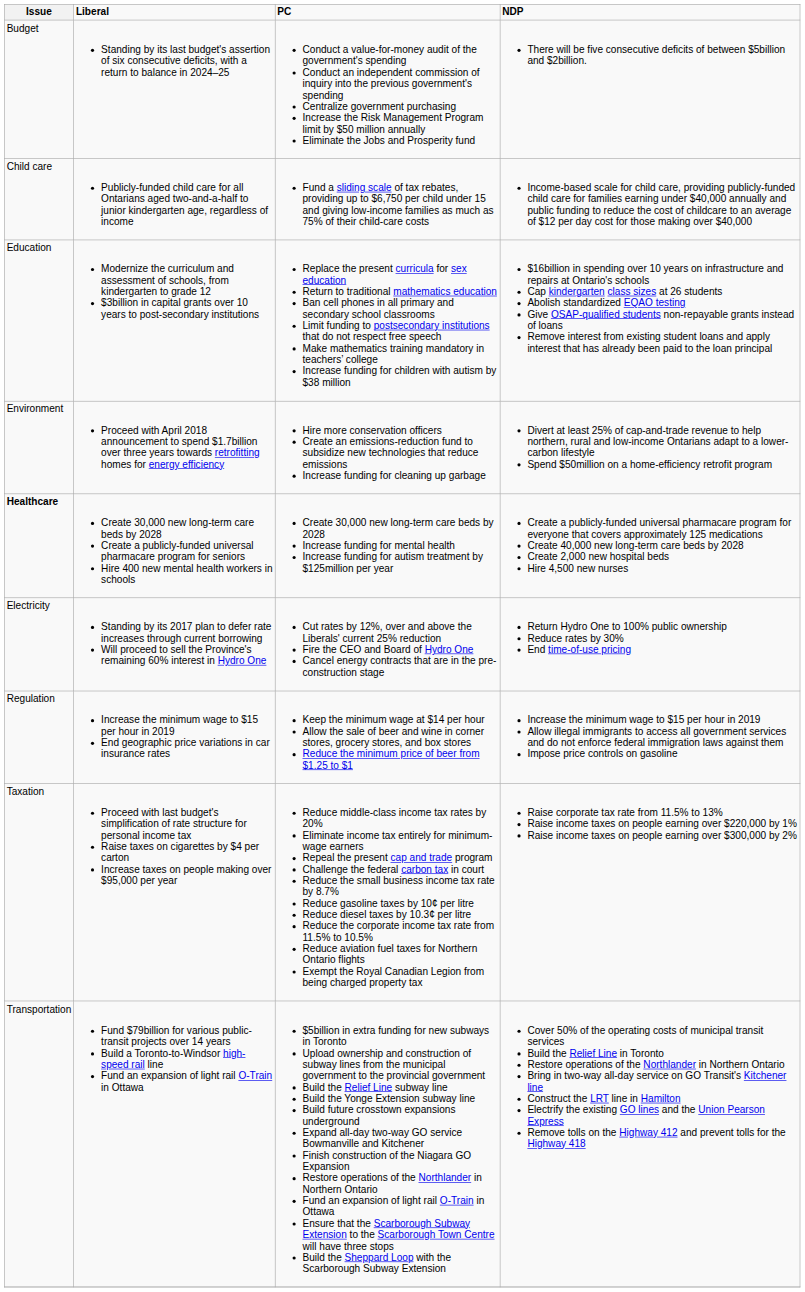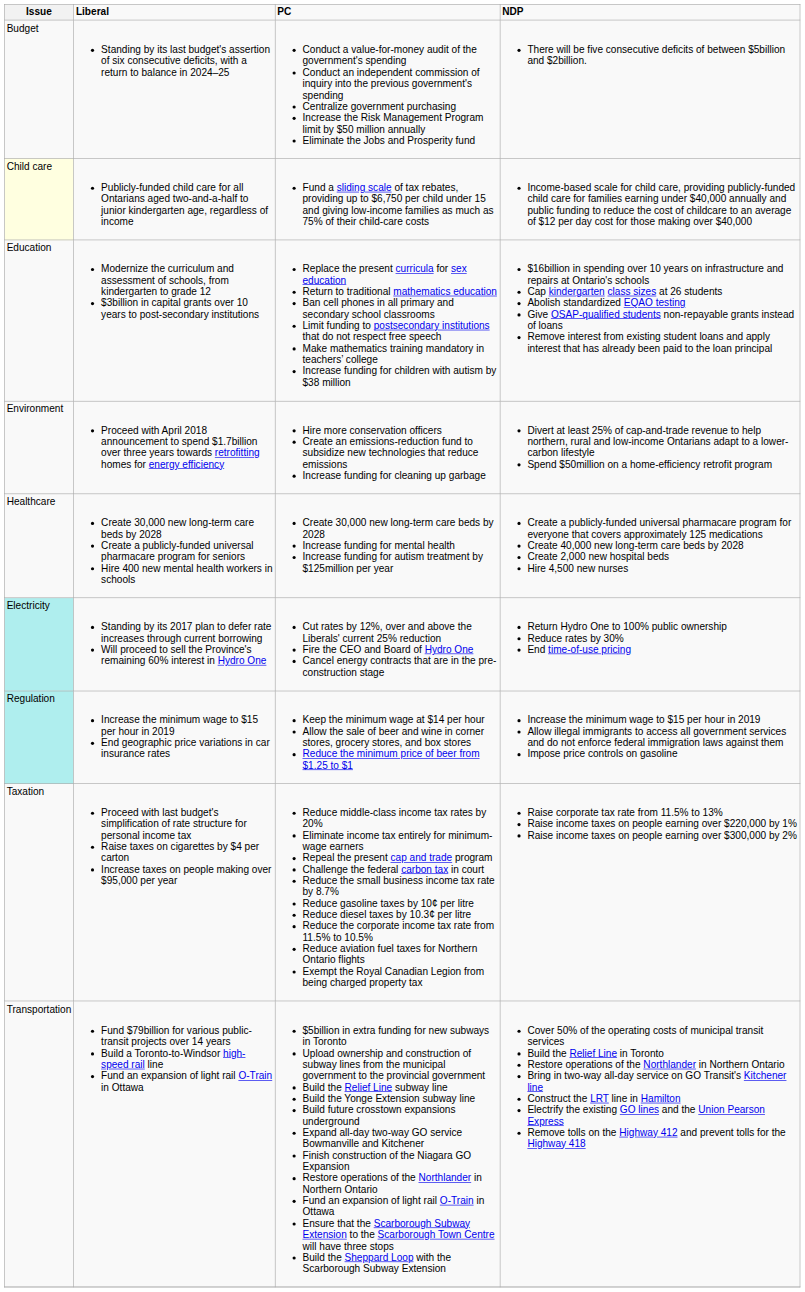 <table class="wikitable" style="width:100%;">
 <tr>
 <th>Issue</th>
 <td><strong>Liberal</strong></td>
 <td><strong>PC</strong></td>
 <td><strong>NDP</strong></td>
 </tr>
 <tr valign="top">
 <td>Budget</td>
 <td><br><ul><li>Standing by its last budget's assertion of six consecutive deficits, with a return to balance in 2024–25</li></ul></td>
 <td><br><ul><li>Conduct a value-for-money audit of the government's spending</li><li>Conduct an independent commission of inquiry into the previous government's spending</li><li>Centralize government purchasing</li><li>Increase the Risk Management Program limit by $50 million annually</li><li>Eliminate the Jobs and Prosperity fund</li></ul></td>
 <td><br><ul><li>There will be five consecutive deficits of between $5billion and $2billion.</li></ul></td>
 </tr>
 <tr valign="top">
-<td>Child care</td>
+<td style="background: lightyellow;">Child care</td>
 <td><br><ul><li>Publicly-funded child care for all Ontarians aged two-and-a-half to junior kindergarten age, regardless of income</li></ul></td>
 <td><br><ul><li>Fund a <a href='#'>sliding scale</a> of tax rebates, providing up to $6,750 per child under 15 and giving low-income families as much as 75% of their child-care costs</li></ul></td>
 <td><br><ul><li>Income-based scale for child care, providing publicly-funded child care for families earning under $40,000 annually and public funding to reduce the cost of childcare to an average of $12 per day cost for those making over $40,000</li></ul></td>
 </tr>
 <tr valign="top">
 <td>Education</td>
 <td><br><ul><li>Modernize the curriculum and assessment of schools, from kindergarten to grade 12</li><li>$3billion in capital grants over 10 years to post-secondary institutions</li></ul></td>
 <td><br><ul><li>Replace the present <a href='#'>curricula</a> for <a href='#'>sex education</a></li><li>Return to traditional <a href='#'>mathematics education</a></li><li>Ban cell phones in all primary and secondary school classrooms</li><li>Limit funding to <a href='#'>postsecondary institutions</a> that do not respect free speech</li><li>Make mathematics training mandatory in teachers’ college</li><li>Increase funding for children with autism by $38 million</li></ul></td>
 <td><br><ul><li>$16billion in spending over 10 years on infrastructure and repairs at Ontario's schools</li><li>Cap <a href='#'>kindergarten</a> <a href='#'>class sizes</a> at 26 students</li><li>Abolish standardized <a href='#'>EQAO testing</a></li><li>Give <a href='#'>OSAP-qualified students</a> non-repayable grants instead of loans</li><li>Remove interest from existing student loans and apply interest that has already been paid to the loan principal</li></ul></td>
 </tr>
 <tr valign="top">
 <td>Environment</td>
 <td><br><ul><li>Proceed with April 2018 announcement to spend $1.7billion over three years towards <a href='#'>retrofitting</a> homes for <a href='#'>energy efficiency</a></li></ul></td>
 <td><br><ul><li>Hire more conservation officers</li><li>Create an emissions-reduction fund to subsidize new technologies that reduce emissions</li><li>Increase funding for cleaning up garbage</li></ul></td>
 <td><br><ul><li>Divert at least 25% of cap-and-trade revenue to help northern, rural and low-income Ontarians adapt to a lower-carbon lifestyle</li><li>Spend $50million on a home-efficiency retrofit program</li></ul></td>
 </tr>
 <tr valign="top">
-<td><strong>Healthcare</strong></td>
+<td>Healthcare</td>
 <td><br><ul><li>Create 30,000 new long-term care beds by 2028</li><li>Create a publicly-funded universal pharmacare program for seniors</li><li>Hire 400 new mental health workers in schools</li></ul></td>
 <td><br><ul><li>Create 30,000 new long-term care beds by 2028</li><li>Increase funding for mental health</li><li>Increase funding for autism treatment by $125million per year</li></ul></td>
 <td><br><ul><li>Create a publicly-funded universal pharmacare program for everyone that covers approximately 125 medications</li><li>Create 40,000 new long-term care beds by 2028</li><li>Create 2,000 new hospital beds</li><li>Hire 4,500 new nurses</li></ul></td>
 </tr>
 <tr valign="top">
-<td>Electricity</td>
+<td style="background: paleturquoise;">Electricity</td>
 <td><br><ul><li>Standing by its 2017 plan to defer rate increases through current borrowing</li><li>Will proceed to sell the Province's remaining 60% interest in <a href='#'>Hydro One</a></li></ul></td>
 <td><br><ul><li>Cut rates by 12%, over and above the Liberals' current 25% reduction</li><li>Fire the CEO and Board of <a href='#'>Hydro One</a></li><li>Cancel energy contracts that are in the pre-construction stage</li></ul></td>
 <td><br><ul><li>Return Hydro One to 100% public ownership</li><li>Reduce rates by 30%</li><li>End <a href='#'>time-of-use pricing</a></li></ul></td>
 </tr>
 <tr valign="top">
-<td>Regulation</td>
+<td style="background: paleturquoise;">Regulation</td>
 <td><br><ul><li>Increase the minimum wage to $15 per hour in 2019</li><li>End geographic price variations in car insurance rates</li></ul></td>
 <td><br><ul><li>Keep the minimum wage at $14 per hour</li><li>Allow the sale of beer and wine in corner stores, grocery stores, and box stores</li><li><a href='#'>Reduce the minimum price of beer from $1.25 to $1</a></li></ul></td>
 <td><br><ul><li>Increase the minimum wage to $15 per hour in 2019</li><li>Allow illegal immigrants to access all government services and do not enforce federal immigration laws against them</li><li>Impose price controls on gasoline</li></ul></td>
 </tr>
 <tr valign="top">
 <td>Taxation</td>
 <td><br><ul><li>Proceed with last budget's simplification of rate structure for personal income tax</li><li>Raise taxes on cigarettes by $4 per carton</li><li>Increase taxes on people making over $95,000 per year</li></ul></td>
 <td><br><ul><li>Reduce middle-class income tax rates by 20%</li><li>Eliminate income tax entirely for minimum-wage earners</li><li>Repeal the present <a href='#'>cap and trade</a> program</li><li>Challenge the federal <a href='#'>carbon tax</a> in court</li><li>Reduce the small business income tax rate by 8.7%</li><li>Reduce gasoline taxes by 10¢ per litre</li><li>Reduce diesel taxes by 10.3¢ per litre</li><li>Reduce the corporate income tax rate from 11.5% to 10.5%</li><li>Reduce aviation fuel taxes for Northern Ontario flights</li><li>Exempt the Royal Canadian Legion from being charged property tax</li></ul></td>
 <td><br><ul><li>Raise corporate tax rate from 11.5% to 13%</li><li>Raise income taxes on people earning over $220,000 by 1%</li><li>Raise income taxes on people earning over $300,000 by 2%</li></ul></td>
 </tr>
 <tr valign="top">
 <td>Transportation</td>
 <td><br><ul><li>Fund $79billion for various public-transit projects over 14 years</li><li>Build a Toronto-to-Windsor <a href='#'>high-speed rail</a> line</li><li>Fund an expansion of light rail <a href='#'>O-Train</a> in Ottawa</li></ul></td>
 <td><br><ul><li>$5billion in extra funding for new subways in Toronto</li><li>Upload ownership and construction of subway lines from the municipal government to the provincial government</li><li>Build the <a href='#'>Relief Line</a> subway line</li><li>Build the Yonge Extension subway line</li><li>Build future crosstown expansions underground</li><li>Expand all-day two-way GO service Bowmanville and Kitchener</li><li>Finish construction of the Niagara GO Expansion</li><li>Restore operations of the <a href='#'>Northlander</a> in Northern Ontario</li><li>Fund an expansion of light rail <a href='#'>O-Train</a> in Ottawa</li><li>Ensure that the <a href='#'>Scarborough Subway Extension</a> to the <a href='#'>Scarborough Town Centre</a> will have three stops</li><li>Build the <a href='#'>Sheppard Loop</a> with the Scarborough Subway Extension</li></ul></td>
 <td><br><ul><li>Cover 50% of the operating costs of municipal transit services</li><li>Build the <a href='#'>Relief Line</a> in Toronto</li><li>Restore operations of the <a href='#'>Northlander</a> in Northern Ontario</li><li>Bring in two-way all-day service on GO Transit's <a href='#'>Kitchener line</a></li><li>Construct the <a href='#'>LRT</a> line in <a href='#'>Hamilton</a></li><li>Electrify the existing <a href='#'>GO lines</a> and the <a href='#'>Union Pearson Express</a></li><li>Remove tolls on the <a href='#'>Highway 412</a> and prevent tolls for the <a href='#'>Highway 418</a></li></ul></td>
 </tr>
 <tr valign="top">
 </tr>
 </table>
